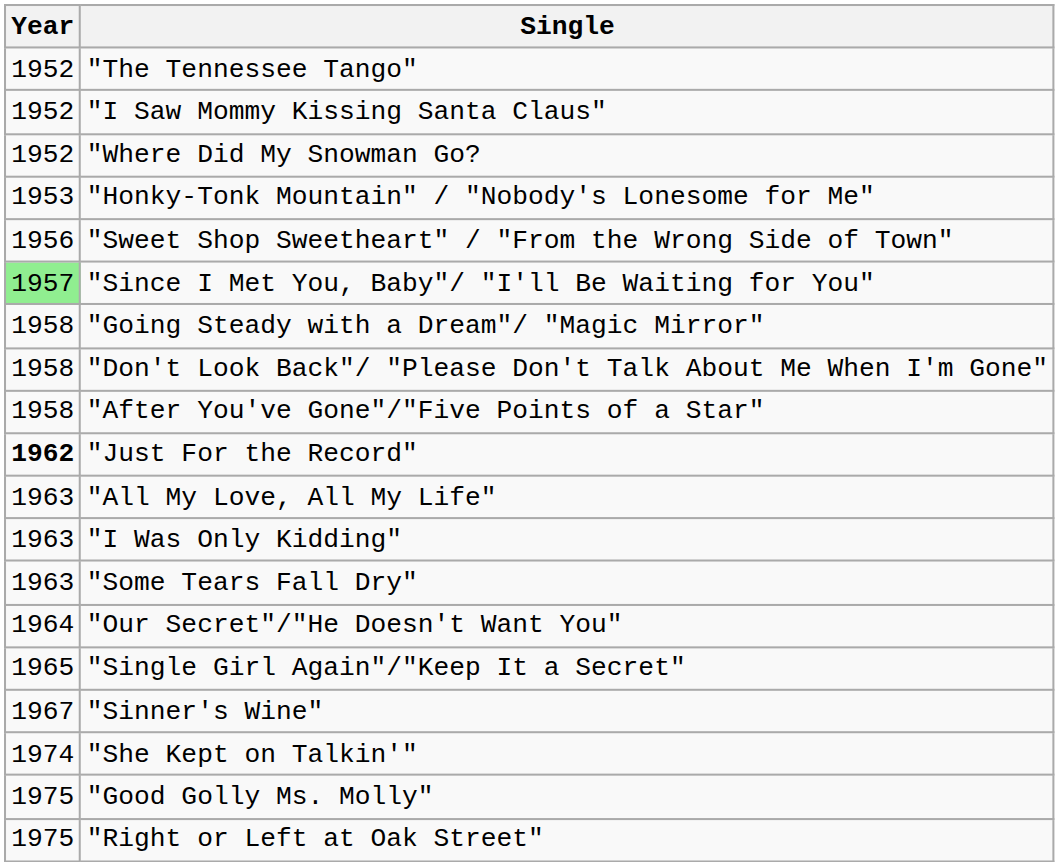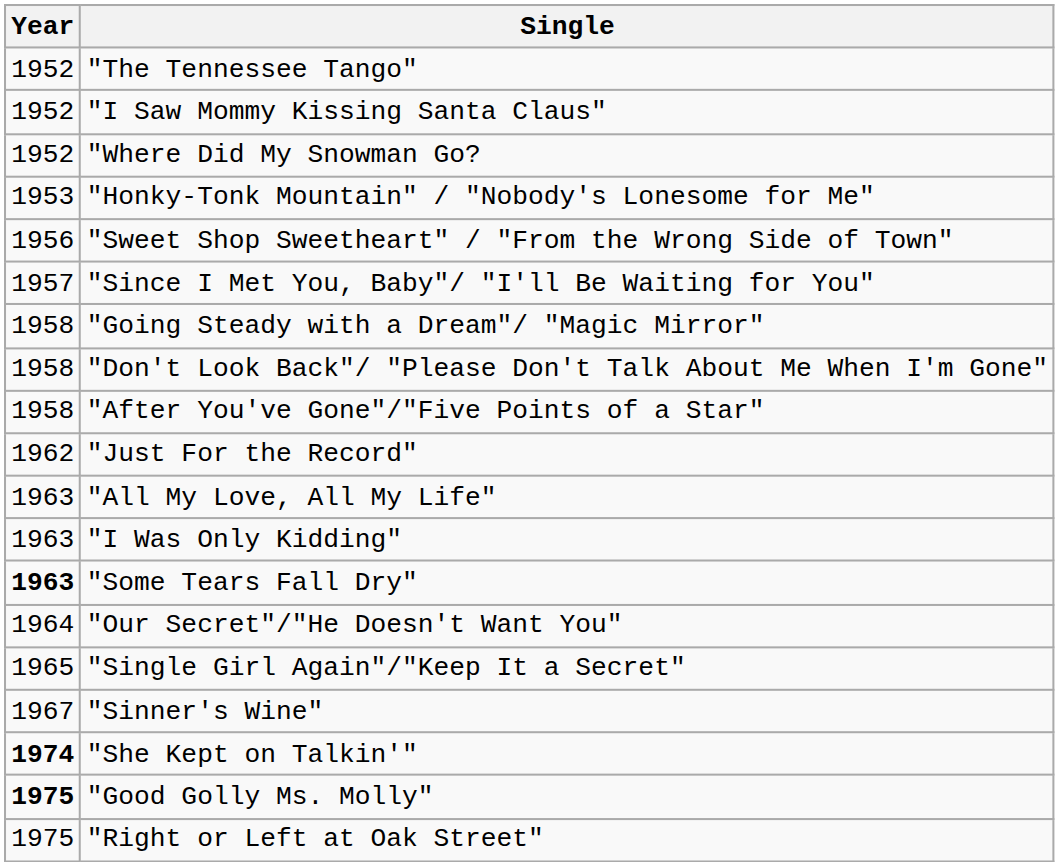 <table class="wikitable">
 <tr>
 <th>Year</th>
 <th>Single</th>
 </tr>
 <tr>
 <td>1952</td>
 <td>"The Tennessee Tango"</td>
 </tr>
 <tr>
 <td>1952</td>
 <td>"I Saw Mommy Kissing Santa Claus"</td>
 </tr>
 <tr>
 <td>1952</td>
 <td>"Where Did My Snowman Go?</td>
 </tr>
 <tr>
 <td>1953</td>
 <td>"Honky-Tonk Mountain" / "Nobody's Lonesome for Me"</td>
 </tr>
 <tr>
 <td>1956</td>
 <td>"Sweet Shop Sweetheart" / "From the Wrong Side of Town"</td>
 </tr>
 <tr>
-<td style="background: lightgreen;">1957</td>
+<td>1957</td>
 <td>"Since I Met You, Baby"/ "I'll Be Waiting for You"</td>
 </tr>
 <tr>
 <td>1958</td>
 <td>"Going Steady with a Dream"/ "Magic Mirror"</td>
 </tr>
 <tr>
 <td>1958</td>
 <td>"Don't Look Back"/ "Please Don't Talk About Me When I'm Gone"</td>
 </tr>
 <tr>
 <td>1958</td>
 <td>"After You've Gone"/"Five Points of a Star"</td>
 </tr>
 <tr>
-<td><strong>1962</strong></td>
+<td>1962</td>
 <td>"Just For the Record"</td>
 </tr>
 <tr>
 <td>1963</td>
 <td>"All My Love, All My Life"</td>
 </tr>
 <tr>
 <td>1963</td>
 <td>"I Was Only Kidding"</td>
 </tr>
 <tr>
-<td>1963</td>
+<td><strong>1963</strong></td>
 <td>"Some Tears Fall Dry"</td>
 </tr>
 <tr>
 <td>1964</td>
 <td>"Our Secret"/"He Doesn't Want You"</td>
 </tr>
 <tr>
 <td>1965</td>
 <td>"Single Girl Again"/"Keep It a Secret"</td>
 </tr>
 <tr>
 <td>1967</td>
 <td>"Sinner's Wine"</td>
 </tr>
 <tr>
-<td>1974</td>
+<td><strong>1974</strong></td>
 <td>"She Kept on Talkin'"</td>
 </tr>
 <tr>
-<td>1975</td>
+<td><strong>1975</strong></td>
 <td>"Good Golly Ms. Molly"</td>
 </tr>
 <tr>
 <td>1975</td>
 <td>"Right or Left at Oak Street"</td>
 </tr>
 </table>
